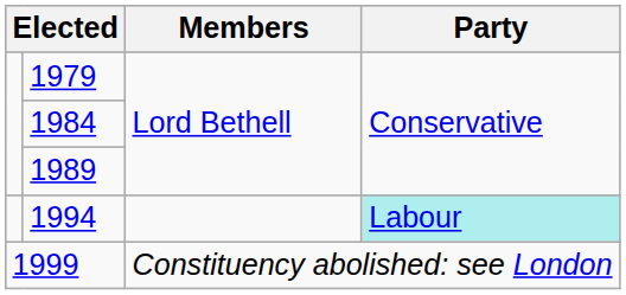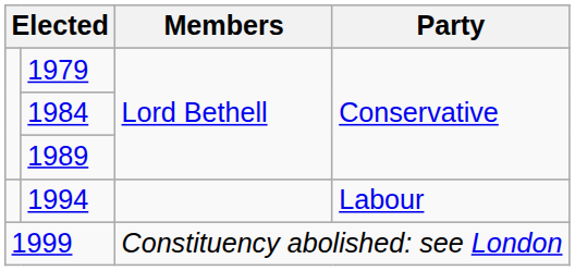 <table class="wikitable">
 <tr>
 <th colspan = "2">Elected</th>
 <th>Members</th>
 <th>Party</th>
 </tr>
 <tr>
 <td rowspan="3" style="background-color: "></td>
 <td><a href='#'>1979</a></td>
 <td rowspan = "3"><a href='#'>Lord Bethell</a></td>
 <td rowspan = "3"><a href='#'>Conservative</a></td>
 </tr>
 <tr>
 <td><a href='#'>1984</a></td>
 </tr>
 <tr>
 <td><a href='#'>1989</a></td>
 </tr>
 <tr>
 <td style="background-color: "></td>
 <td><a href='#'>1994</a></td>
 <td></td>
-<td style="background: paleturquoise;"><a href='#'>Labour</a></td>
+<td><a href='#'>Labour</a></td>
 </tr>
 <tr>
 <td colspan="2"><a href='#'>1999</a></td>
 <td colspan="2"><em>Constituency abolished: see <a href='#'>London</a></em></td>
 </tr>
 </table>
